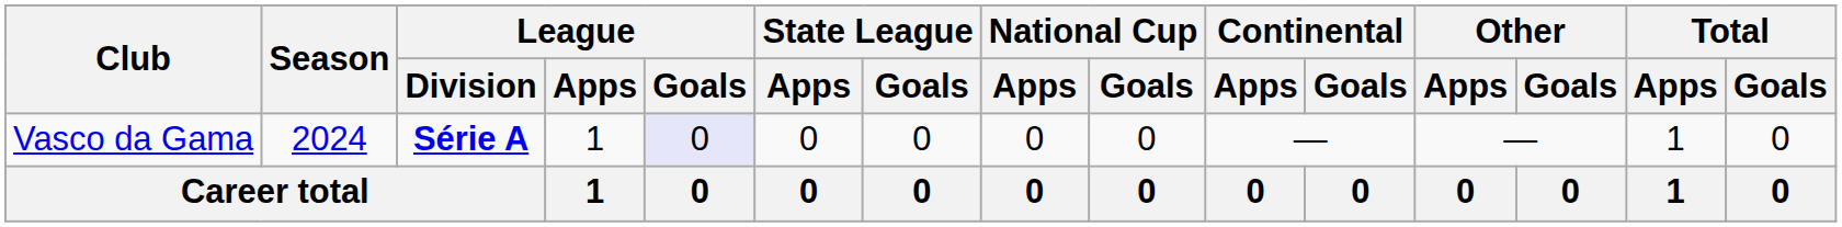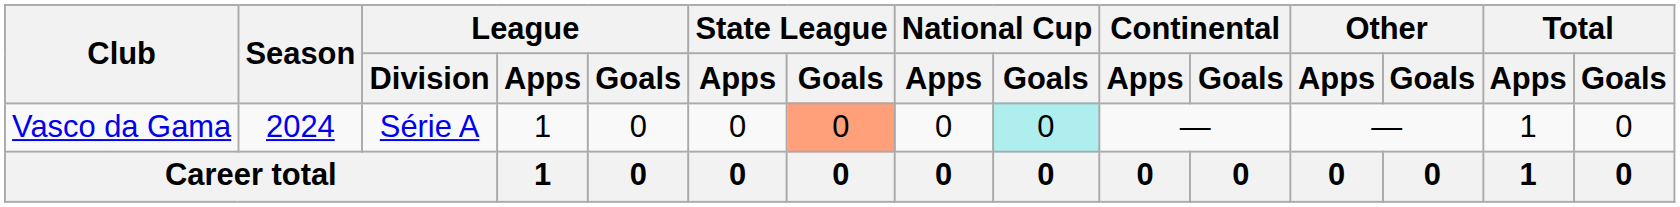 <table class="wikitable" style="text-align:center">
 <tr>
 <th rowspan="2">Club</th>
 <th rowspan="2">Season</th>
 <th colspan="3">League</th>
 <th colspan="2">State League</th>
 <th colspan="2">National Cup</th>
 <th colspan="2">Continental</th>
 <th colspan="2">Other</th>
 <th colspan="2">Total</th>
 </tr>
 <tr>
 <th>Division</th>
 <th>Apps</th>
 <th>Goals</th>
 <th>Apps</th>
 <th>Goals</th>
 <th>Apps</th>
 <th>Goals</th>
 <th>Apps</th>
 <th>Goals</th>
 <th>Apps</th>
 <th>Goals</th>
 <th>Apps</th>
 <th>Goals</th>
 </tr>
 <tr>
 <td><a href='#'>Vasco da Gama</a></td>
 <td><a href='#'>2024</a></td>
-<td><strong><a href='#'>Série A</a></strong></td>
+<td><a href='#'>Série A</a></td>
 <td>1</td>
-<td style="background: lavender;">0</td>
 <td>0</td>
 <td>0</td>
+<td style="background: lightsalmon;">0</td>
 <td>0</td>
-<td>0</td>
+<td style="background: paleturquoise;">0</td>
 <td colspan="2">—</td>
 <td colspan="2">—</td>
 <td>1</td>
 <td>0</td>
 </tr>
 <tr>
 <th colspan="3">Career total</th>
 <th>1</th>
 <th>0</th>
 <th>0</th>
 <th>0</th>
 <th>0</th>
 <th>0</th>
 <th>0</th>
 <th>0</th>
 <th>0</th>
 <th>0</th>
 <th>1</th>
 <th>0</th>
 </tr>
 </table>
